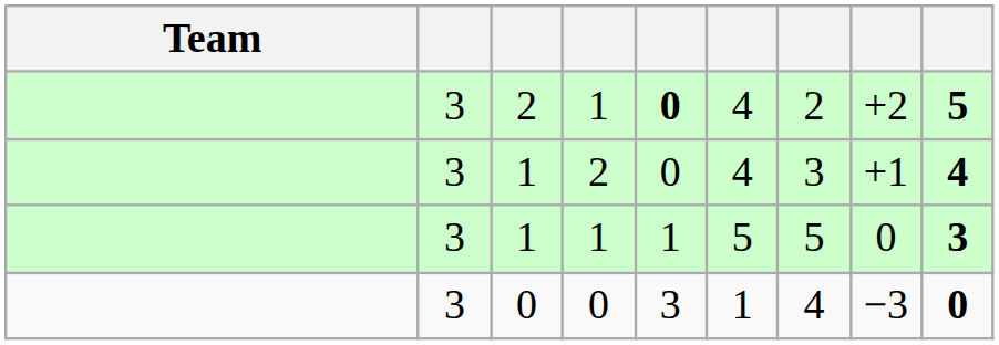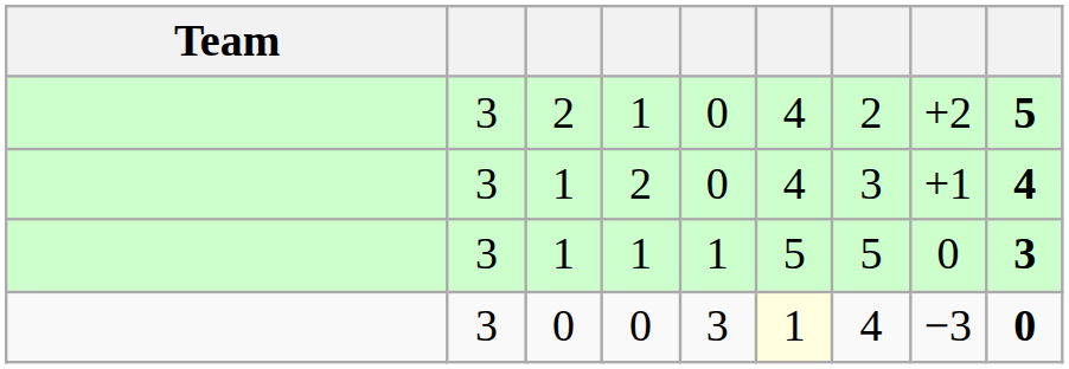 <table class="wikitable" style="text-align:center;">
 <tr>
 <th width=150>Team</th>
 <th width=20></th>
 <th width=20></th>
 <th width=20></th>
 <th width=20></th>
 <th width=20></th>
 <th width=20></th>
 <th width=20></th>
 <th width=20></th>
 </tr>
 <tr bgcolor="#ccffcc">
 <td align="left"></td>
 <td>3</td>
 <td>2</td>
 <td>1</td>
-<td><strong>0</strong></td>
+<td>0</td>
 <td>4</td>
 <td>2</td>
 <td>+2</td>
 <td><strong>5</strong></td>
 </tr>
 <tr bgcolor="#ccffcc">
 <td align="left"></td>
 <td>3</td>
 <td>1</td>
 <td>2</td>
 <td>0</td>
 <td>4</td>
 <td>3</td>
 <td>+1</td>
 <td><strong>4</strong></td>
 </tr>
 <tr bgcolor="#ccffcc">
 <td align="left"></td>
 <td>3</td>
 <td>1</td>
 <td>1</td>
 <td>1</td>
 <td>5</td>
 <td>5</td>
 <td>0</td>
 <td><strong>3</strong></td>
 </tr>
 <tr>
 <td align="left"></td>
 <td>3</td>
 <td>0</td>
 <td>0</td>
 <td>3</td>
-<td>1</td>
+<td style="background: lightyellow;">1</td>
 <td>4</td>
 <td>−3</td>
 <td><strong>0</strong></td>
 </tr>
 </table>
